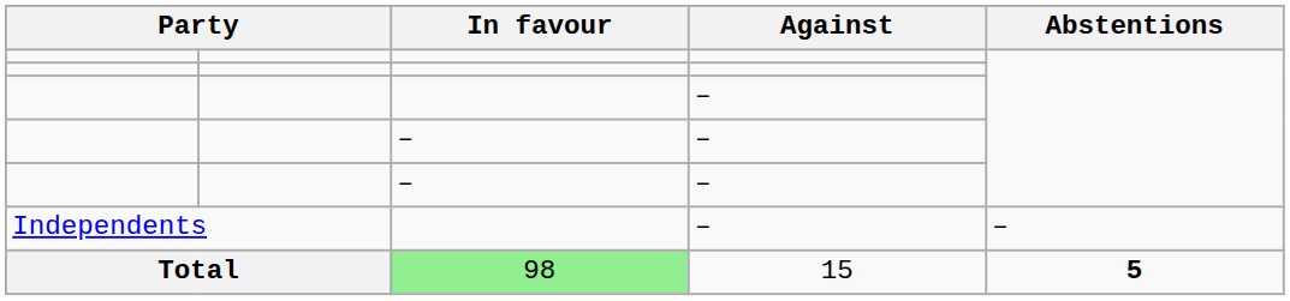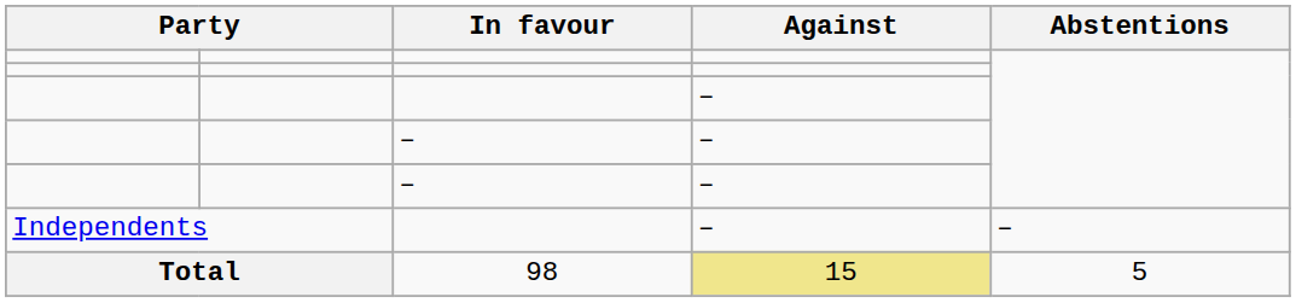 <table class="wikitable" style="font-size:95%;">
 <tr>
 <th style="width:170px;" colspan="2">Party</th>
 <th style="width:130px;">In favour</th>
 <th style="width:130px;">Against</th>
 <th style="width:130px;">Abstentions</th>
 </tr>
 <tr>
 <td></td>
 <td></td>
 <td></td>
 <td></td>
 </tr>
 <tr>
 <td></td>
 <td></td>
 <td></td>
 <td></td>
 </tr>
 <tr>
 <td></td>
 <td></td>
 <td></td>
 <td>–</td>
 </tr>
 <tr>
 <td></td>
 <td></td>
 <td>–</td>
 <td>–</td>
 </tr>
 <tr>
 <td></td>
 <td></td>
 <td>–</td>
 <td>–</td>
 </tr>
 <tr>
 <td colspan="2"><a href='#'>Independents</a></td>
 <td></td>
 <td>–</td>
 <td>–</td>
 </tr>
 <tr style="text-align:center;">
 <th colspan="2">Total</th>
-<td style="background: lightgreen;">98</td>
-<td>15</td>
-<td><strong>5</strong></td>
+<td>98</td>
+<td style="background: khaki;">15</td>
+<td>5</td>
 </tr>
 </table>
